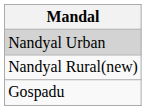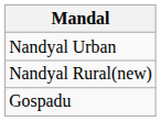 <table class="wikitable sortable static-row-numbers static-row-header-hash">
 <tr>
 <th>Mandal</th>
 </tr>
 <tr>
-<td style="background: lightgrey;">Nandyal Urban</td>
+<td>Nandyal Urban</td>
 </tr>
 <tr>
 <td>Nandyal Rural(new)</td>
 </tr>
 <tr>
 <td>Gospadu</td>
 </tr>
 </table>
